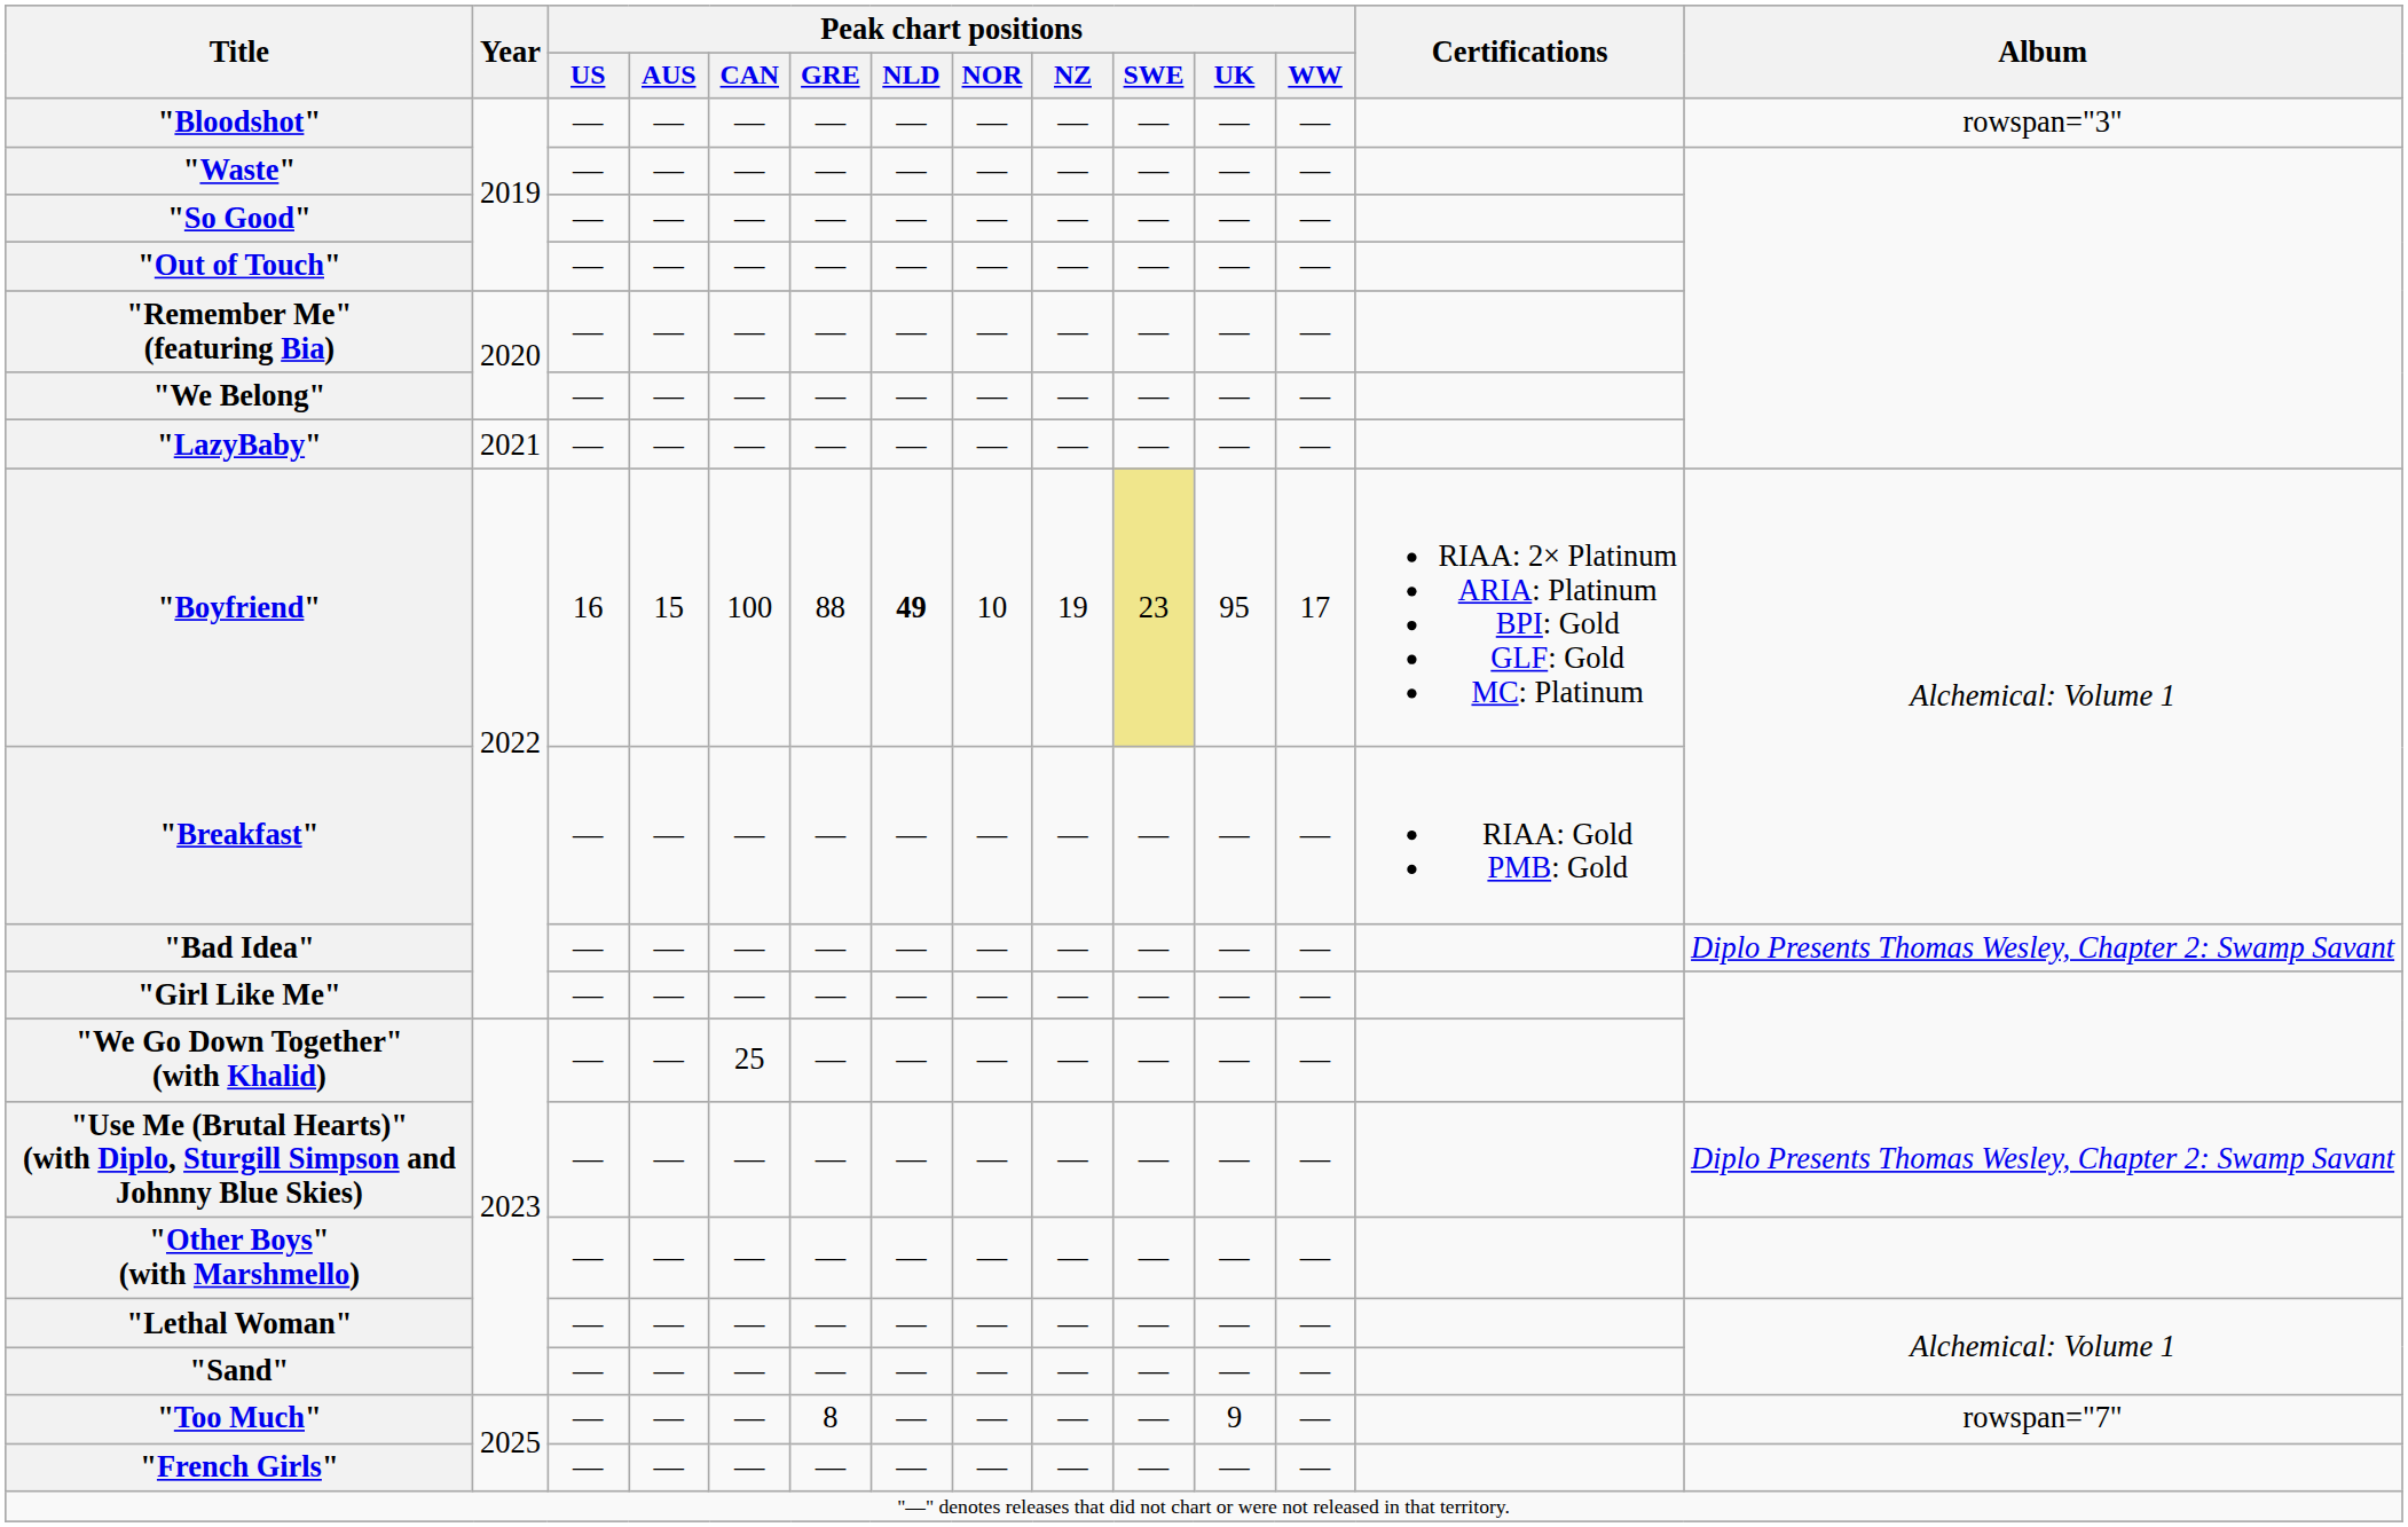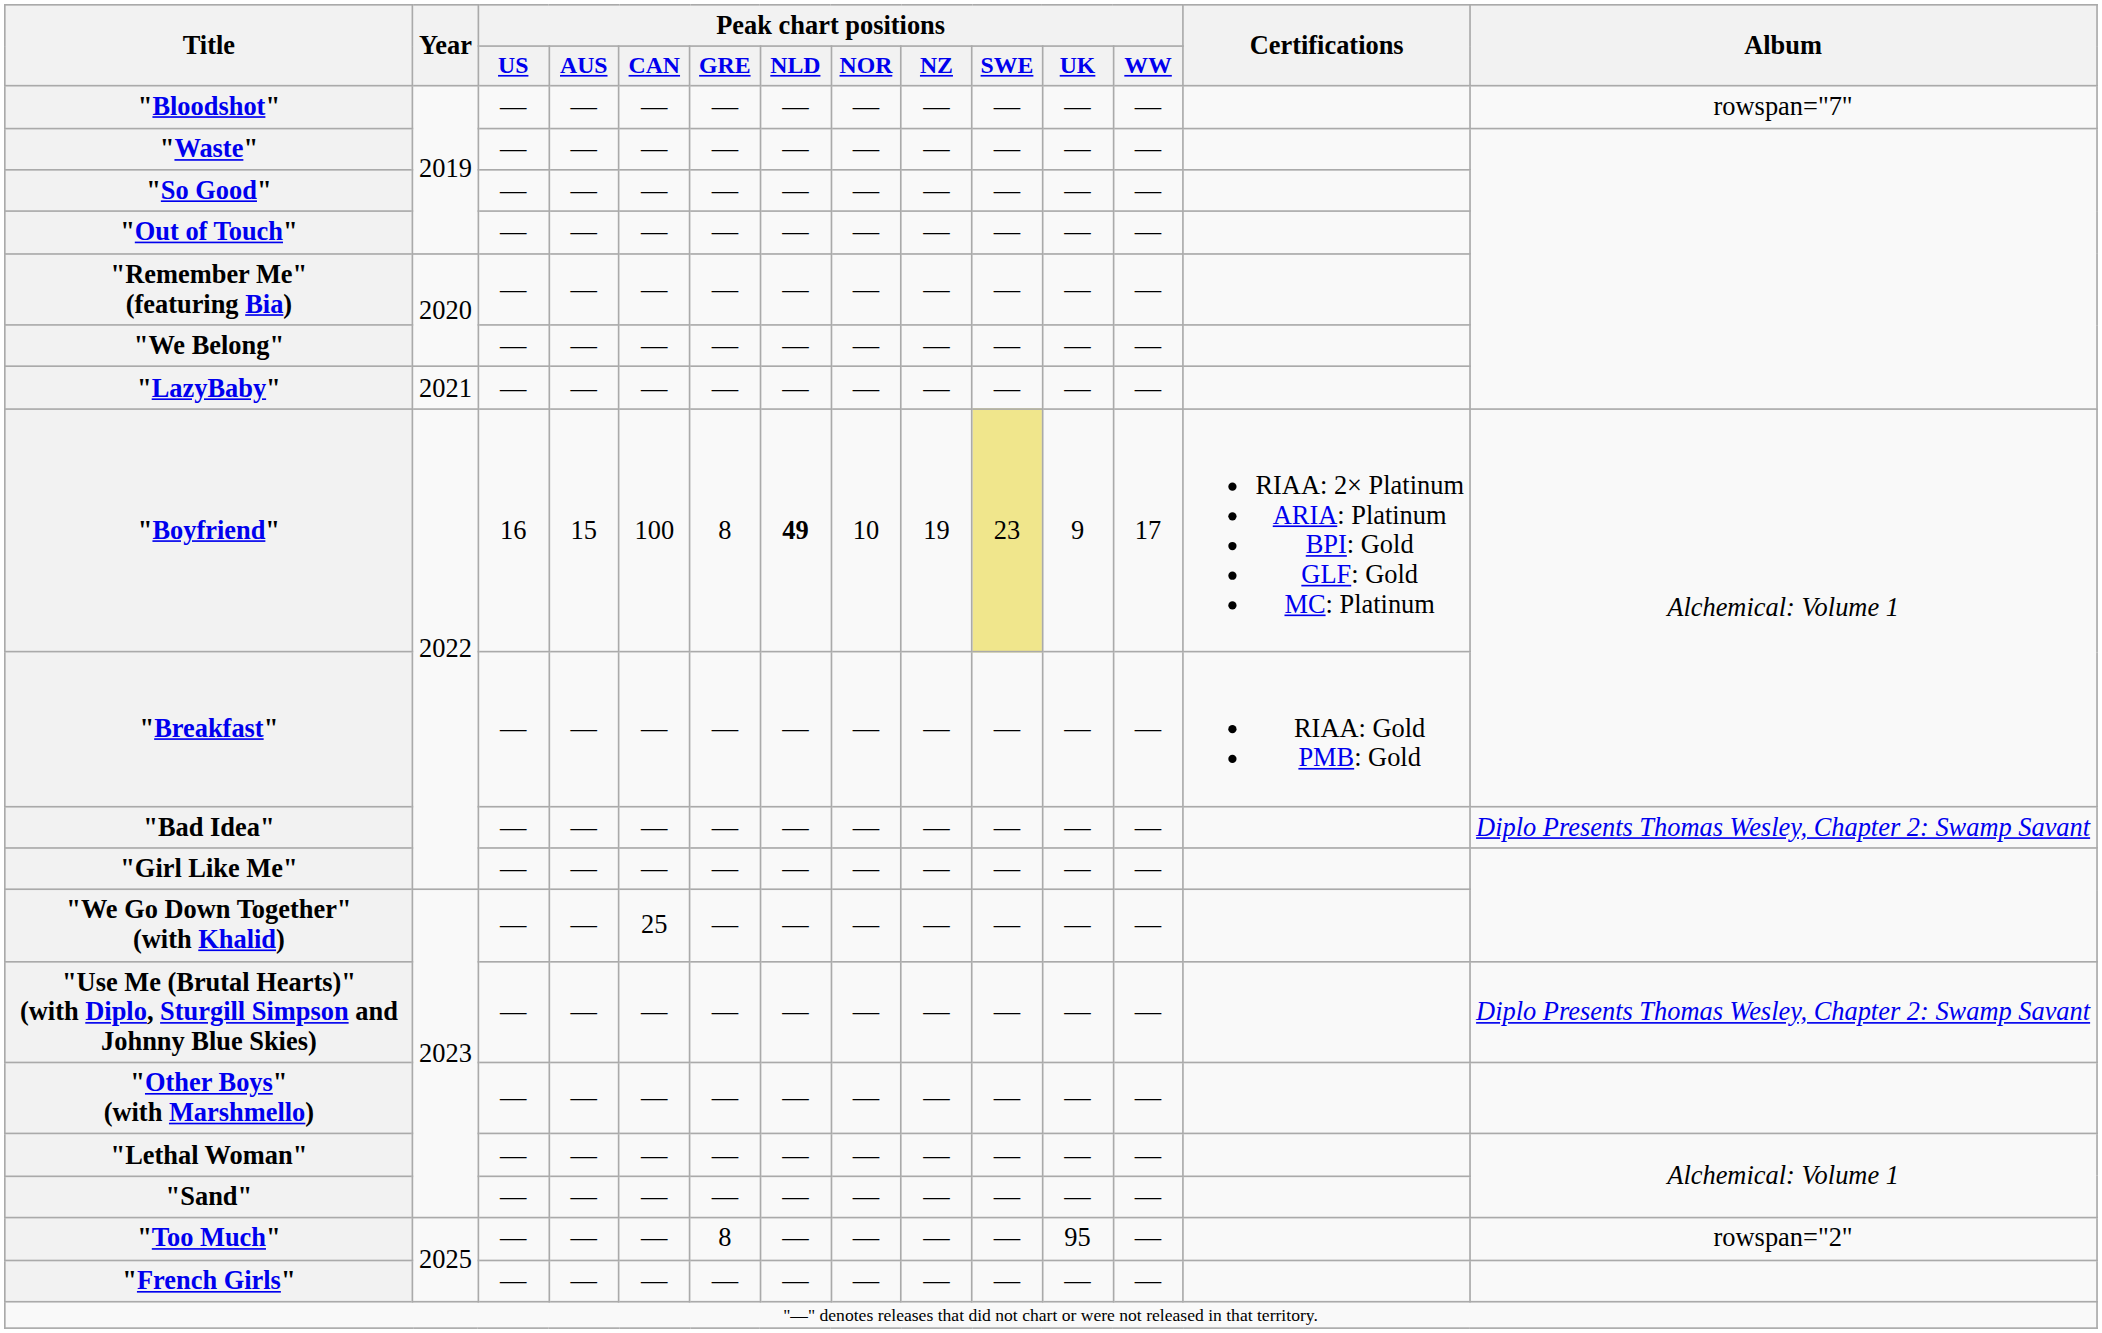 <table class="wikitable plainrowheaders" style="text-align:center">
 <tr>
 <th scope="col" rowspan="2" style="width:15em;">Title</th>
 <th scope="col" rowspan="2">Year</th>
 <th scope="col" colspan="10">Peak chart positions</th>
 <th scope="col" rowspan="2">Certifications</th>
 <th scope="col" rowspan="2">Album</th>
 </tr>
 <tr>
 <th scope="col" style="width:2.5em;font-size:90%;"><a href='#'>US</a><br></th>
 <th scope="col" style="width:2.5em;font-size:90%;"><a href='#'>AUS</a><br></th>
 <th scope="col" style="width:2.5em;font-size:90%;"><a href='#'>CAN</a><br></th>
 <th scope="col" style="width:2.5em;font-size:90%;"><a href='#'>GRE</a><br></th>
 <th scope="col" style="width:2.5em;font-size:90%;"><a href='#'>NLD</a><br></th>
 <th scope="col" style="width:2.5em;font-size:90%;"><a href='#'>NOR</a><br></th>
 <th scope="col" style="width:2.5em;font-size:90%;"><a href='#'>NZ</a><br></th>
 <th scope="col" style="width:2.5em;font-size:90%;"><a href='#'>SWE</a><br></th>
 <th scope="col" style="width:2.5em;font-size:90%;"><a href='#'>UK</a><br></th>
 <th scope="col" style="width:2.5em;font-size:90%;"><a href='#'>WW</a><br></th>
 </tr>
 <tr>
 <th scope="row">"<a href='#'>Bloodshot</a>"</th>
 <td rowspan="4">2019</td>
 <td>—</td>
 <td>—</td>
 <td>—</td>
 <td>—</td>
 <td>—</td>
 <td>—</td>
 <td>—</td>
 <td>—</td>
 <td>—</td>
 <td>—</td>
 <td></td>
-<td>rowspan="3" </td>
+<td>rowspan="7" </td>
 </tr>
 <tr>
 <th scope="row">"<a href='#'>Waste</a>"</th>
 <td>—</td>
 <td>—</td>
 <td>—</td>
 <td>—</td>
 <td>—</td>
 <td>—</td>
 <td>—</td>
 <td>—</td>
 <td>—</td>
 <td>—</td>
 <td></td>
 </tr>
 <tr>
 <th scope="row">"<a href='#'>So Good</a>"</th>
 <td>—</td>
 <td>—</td>
 <td>—</td>
 <td>—</td>
 <td>—</td>
 <td>—</td>
 <td>—</td>
 <td>—</td>
 <td>—</td>
 <td>—</td>
 <td></td>
 </tr>
 <tr>
 <th scope="row">"<a href='#'>Out of Touch</a>"</th>
 <td>—</td>
 <td>—</td>
 <td>—</td>
 <td>—</td>
 <td>—</td>
 <td>—</td>
 <td>—</td>
 <td>—</td>
 <td>—</td>
 <td>—</td>
 <td></td>
 </tr>
 <tr>
 <th scope="row">"Remember Me"<br><span>(featuring <a href='#'>Bia</a>)</span></th>
 <td rowspan="2">2020</td>
 <td>—</td>
 <td>—</td>
 <td>—</td>
 <td>—</td>
 <td>—</td>
 <td>—</td>
 <td>—</td>
 <td>—</td>
 <td>—</td>
 <td>—</td>
 <td></td>
 </tr>
 <tr>
 <th scope="row">"We Belong"</th>
 <td>—</td>
 <td>—</td>
 <td>—</td>
 <td>—</td>
 <td>—</td>
 <td>—</td>
 <td>—</td>
 <td>—</td>
 <td>—</td>
 <td>—</td>
 <td></td>
 </tr>
 <tr>
 <th scope="row">"<a href='#'>LazyBaby</a>"</th>
 <td>2021</td>
 <td>—</td>
 <td>—</td>
 <td>—</td>
 <td>—</td>
 <td>—</td>
 <td>—</td>
 <td>—</td>
 <td>—</td>
 <td>—</td>
 <td>—</td>
 <td></td>
 </tr>
 <tr>
 <th scope="row">"<a href='#'>Boyfriend</a>"</th>
 <td rowspan="4">2022</td>
 <td>16</td>
 <td>15</td>
 <td>100</td>
-<td>88</td>
+<td>8</td>
 <td><strong>49</strong></td>
 <td>10</td>
 <td>19</td>
 <td style="background: khaki;">23</td>
-<td>95</td>
+<td>9</td>
 <td>17</td>
 <td><br><ul><li>RIAA: 2× Platinum</li><li><a href='#'>ARIA</a>: Platinum</li><li><a href='#'>BPI</a>: Gold</li><li><a href='#'>GLF</a>: Gold</li><li><a href='#'>MC</a>: Platinum</li></ul></td>
 <td rowspan="2"><em>Alchemical: Volume 1</em></td>
 </tr>
 <tr>
 <th scope="row">"<a href='#'>Breakfast</a>"</th>
 <td>—</td>
 <td>—</td>
 <td>—</td>
 <td>—</td>
 <td>—</td>
 <td>—</td>
 <td>—</td>
 <td>—</td>
 <td>—</td>
 <td>—</td>
 <td><br><ul><li>RIAA: Gold</li><li><a href='#'>PMB</a>: Gold</li></ul></td>
 </tr>
 <tr>
 <th scope="row">"Bad Idea"</th>
 <td>—</td>
 <td>—</td>
 <td>—</td>
 <td>—</td>
 <td>—</td>
 <td>—</td>
 <td>—</td>
 <td>—</td>
 <td>—</td>
 <td>—</td>
 <td></td>
 <td><em><a href='#'>Diplo Presents Thomas Wesley, Chapter 2: Swamp Savant</a></em></td>
 </tr>
 <tr>
 <th scope="row">"Girl Like Me"</th>
 <td>—</td>
 <td>—</td>
 <td>—</td>
 <td>—</td>
 <td>—</td>
 <td>—</td>
 <td>—</td>
 <td>—</td>
 <td>—</td>
 <td>—</td>
 <td></td>
 </tr>
 <tr>
 <th scope="row">"We Go Down Together"<br><span>(with <a href='#'>Khalid</a>)</span></th>
 <td rowspan="5">2023</td>
 <td>—</td>
 <td>—</td>
 <td>25</td>
 <td>—</td>
 <td>—</td>
 <td>—</td>
 <td>—</td>
 <td>—</td>
 <td>—</td>
 <td>—</td>
 <td></td>
 </tr>
 <tr>
 <th scope="row">"Use Me (Brutal Hearts)"<br><span>(with <a href='#'>Diplo</a>, <a href='#'>Sturgill Simpson</a> and Johnny Blue Skies)</span></th>
 <td>—</td>
 <td>—</td>
 <td>—</td>
 <td>—</td>
 <td>—</td>
 <td>—</td>
 <td>—</td>
 <td>—</td>
 <td>—</td>
 <td>—</td>
 <td></td>
 <td><em><a href='#'>Diplo Presents Thomas Wesley, Chapter 2: Swamp Savant</a></em></td>
 </tr>
 <tr>
 <th scope="row">"<a href='#'>Other Boys</a>"<br><span>(with <a href='#'>Marshmello</a>)</span></th>
 <td>—</td>
 <td>—</td>
 <td>—</td>
 <td>—</td>
 <td>—</td>
 <td>—</td>
 <td>—</td>
 <td>—</td>
 <td>—</td>
 <td>—</td>
 <td></td>
 <td></td>
 </tr>
 <tr>
 <th scope="row">"Lethal Woman"</th>
 <td>—</td>
 <td>—</td>
 <td>—</td>
 <td>—</td>
 <td>—</td>
 <td>—</td>
 <td>—</td>
 <td>—</td>
 <td>—</td>
 <td>—</td>
 <td></td>
 <td rowspan="2"><em>Alchemical: Volume 1</em></td>
 </tr>
 <tr>
 <th scope="row">"Sand"</th>
 <td>—</td>
 <td>—</td>
 <td>—</td>
 <td>—</td>
 <td>—</td>
 <td>—</td>
 <td>—</td>
 <td>—</td>
 <td>—</td>
 <td>—</td>
 <td></td>
 </tr>
 <tr>
 <th scope="row">"<a href='#'>Too Much</a>"</th>
 <td rowspan="2">2025</td>
 <td>—</td>
 <td>—</td>
 <td>—</td>
 <td>8</td>
 <td>—</td>
 <td>—</td>
 <td>—</td>
 <td>—</td>
-<td>9</td>
+<td>95</td>
 <td>—</td>
 <td></td>
-<td>rowspan="7" </td>
+<td>rowspan="2" </td>
 </tr>
 <tr>
 <th scope="row">"<a href='#'>French Girls</a>"</th>
 <td>—</td>
 <td>—</td>
 <td>—</td>
 <td>—</td>
 <td>—</td>
 <td>—</td>
 <td>—</td>
 <td>—</td>
 <td>—</td>
 <td>—</td>
 <td></td>
 </tr>
 <tr>
 <td align="center" colspan="15" style="font-size:8pt">"—" denotes releases that did not chart or were not released in that territory.</td>
 </tr>
 </table>
